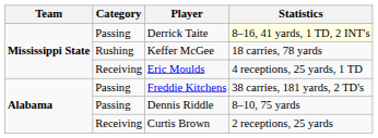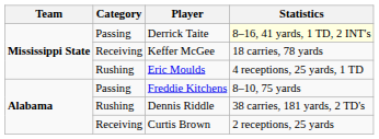 <table class="wikitable" style="float: right;">
 <tr>
 <th>Team</th>
 <th>Category</th>
 <th>Player</th>
 <th>Statistics</th>
 </tr>
 <tr>
 <td rowspan=3><strong>Mississippi State</strong></td>
 <td>Passing</td>
 <td>Derrick Taite</td>
 <td style="background: lightyellow;">8–16, 41 yards, 1 TD, 2 INT's</td>
 </tr>
 <tr>
-<td>Rushing</td>
+<td>Receiving</td>
 <td>Keffer McGee</td>
 <td>18 carries, 78 yards</td>
 </tr>
 <tr>
-<td>Receiving</td>
+<td>Rushing</td>
 <td><a href='#'>Eric Moulds</a></td>
 <td>4 receptions, 25 yards, 1 TD</td>
 </tr>
 <tr>
 <td rowspan=3><strong>Alabama</strong></td>
 <td>Passing</td>
 <td><a href='#'>Freddie Kitchens</a></td>
-<td>38 carries, 181 yards, 2 TD's</td>
+<td>8–10, 75 yards</td>
 </tr>
 <tr>
-<td>Passing</td>
+<td>Rushing</td>
 <td>Dennis Riddle</td>
-<td>8–10, 75 yards</td>
+<td>38 carries, 181 yards, 2 TD's</td>
 </tr>
 <tr>
 <td>Receiving</td>
 <td>Curtis Brown</td>
 <td>2 receptions, 25 yards</td>
 </tr>
 </table>
